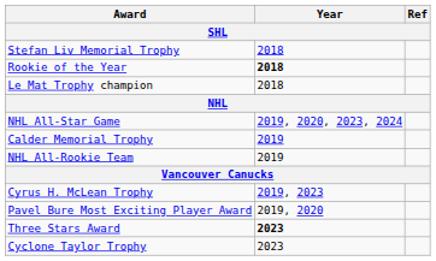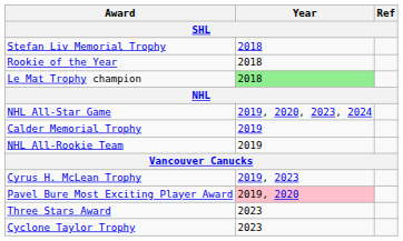 <table class="wikitable">
 <tr>
 <th>Award</th>
 <th>Year</th>
 <th>Ref</th>
 </tr>
 <tr>
 <th colspan="3"><a href='#'>SHL</a></th>
 </tr>
 <tr>
 <td><a href='#'>Stefan Liv Memorial Trophy</a></td>
 <td><a href='#'>2018</a></td>
 <td></td>
 </tr>
 <tr>
 <td><a href='#'>Rookie of the Year</a></td>
-<td><strong>2018</strong></td>
+<td>2018</td>
 <td></td>
 </tr>
 <tr>
 <td><a href='#'>Le Mat Trophy</a> champion</td>
-<td>2018</td>
+<td style="background: lightgreen;">2018</td>
 <td></td>
 </tr>
 <tr>
 <th colspan="3"><a href='#'>NHL</a></th>
 </tr>
 <tr>
 <td><a href='#'>NHL All-Star Game</a></td>
 <td><a href='#'>2019</a>, <a href='#'>2020</a>, <a href='#'>2023</a>, <a href='#'>2024</a></td>
 <td></td>
 </tr>
 <tr>
 <td><a href='#'>Calder Memorial Trophy</a></td>
 <td><a href='#'>2019</a></td>
 <td></td>
 </tr>
 <tr>
 <td><a href='#'>NHL All-Rookie Team</a></td>
 <td>2019</td>
 <td></td>
 </tr>
 <tr>
 <th colspan="3"><a href='#'>Vancouver Canucks</a></th>
 </tr>
 <tr>
 <td><a href='#'>Cyrus H. McLean Trophy</a></td>
 <td><a href='#'>2019</a>, <a href='#'>2023</a></td>
 <td></td>
 </tr>
 <tr>
 <td><a href='#'>Pavel Bure Most Exciting Player Award</a></td>
-<td>2019, <a href='#'>2020</a></td>
+<td style="background: pink;">2019, <a href='#'>2020</a></td>
 <td></td>
 </tr>
 <tr>
 <td><a href='#'>Three Stars Award</a></td>
-<td><strong>2023</strong></td>
+<td>2023</td>
 <td></td>
 </tr>
 <tr>
 <td><a href='#'>Cyclone Taylor Trophy</a></td>
 <td>2023</td>
 <td></td>
 </tr>
 </table>
